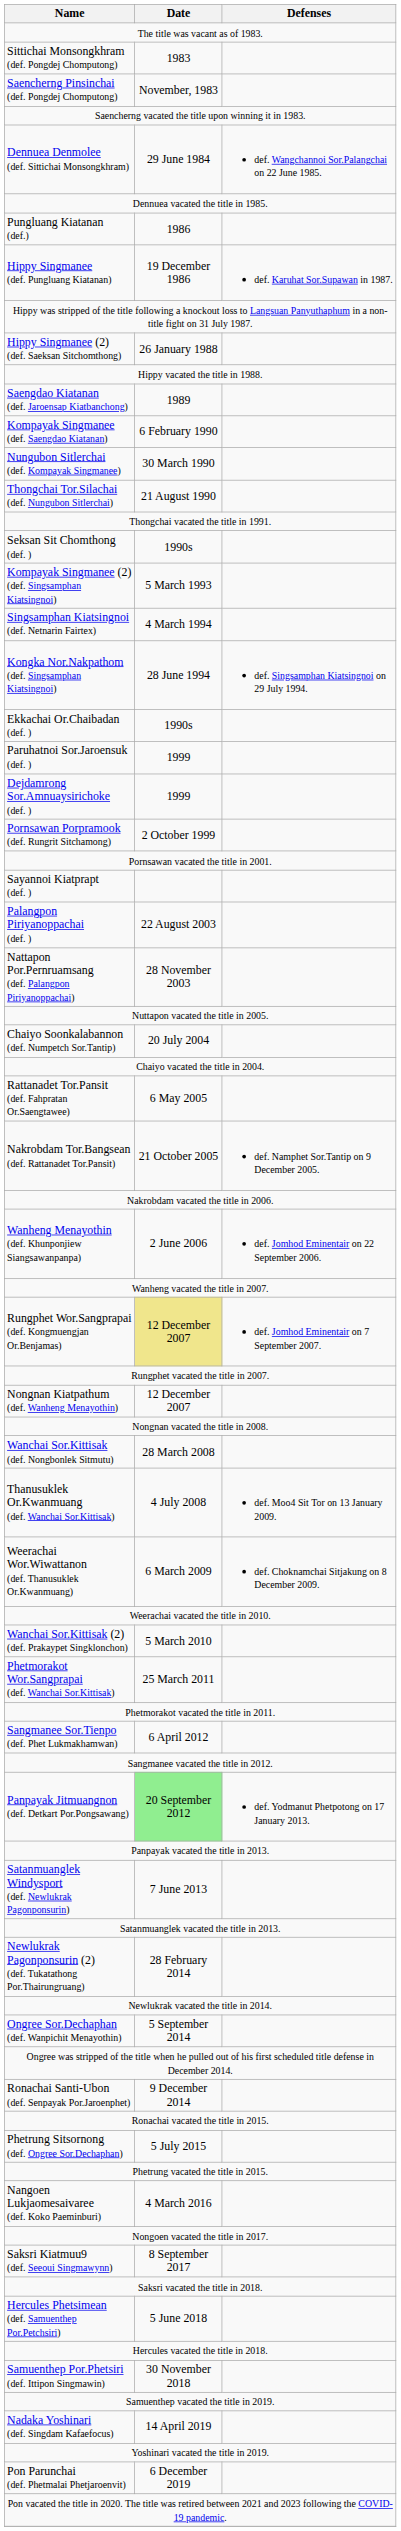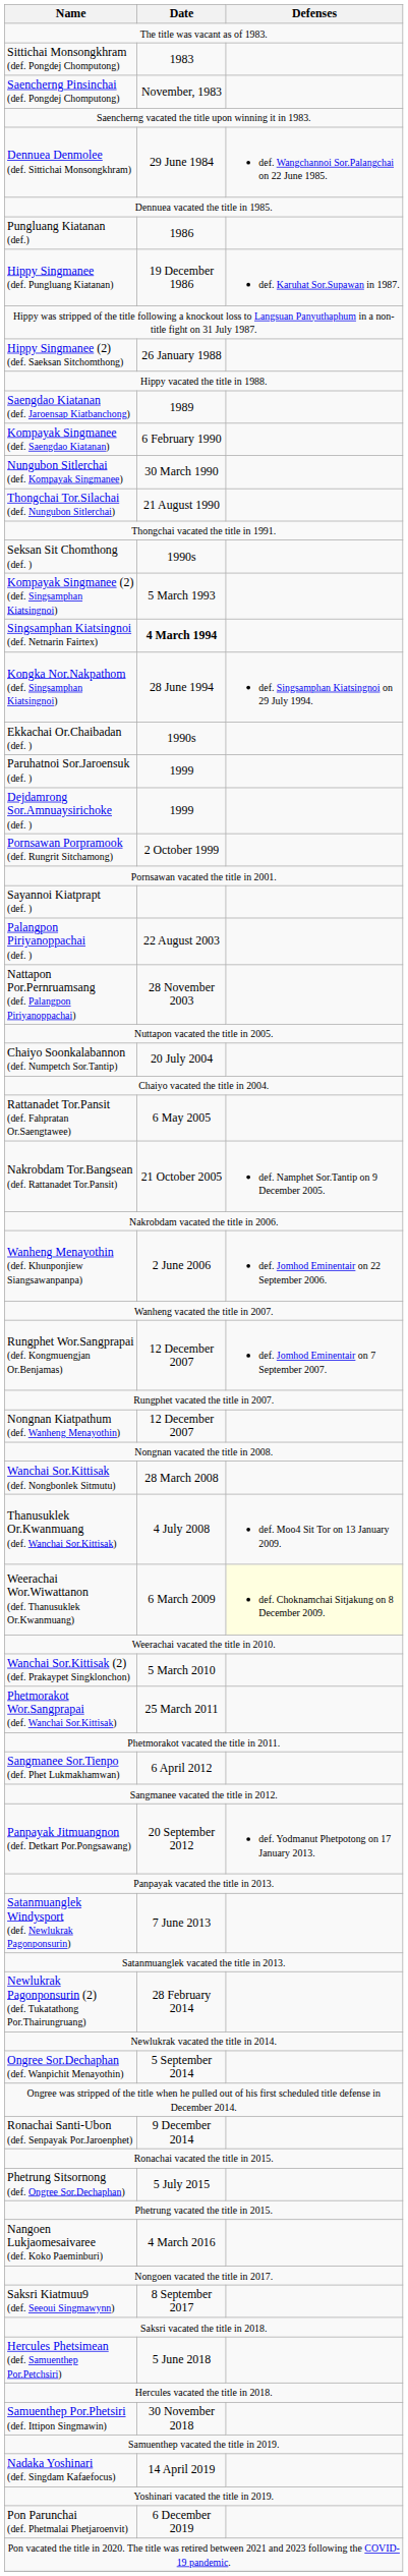 <table class="wikitable" width=60%>
 <tr>
 <th width=30%>Name</th>
 <th width=20%>Date</th>
 <th width=40%>Defenses</th>
 </tr>
 <tr>
 <td colspan=4 align=center><small>The title was vacant as of 1983.</small></td>
 </tr>
 <tr>
 <td align=left> Sittichai Monsongkhram <br><small>(def. Pongdej Chomputong)</small></td>
 <td align=center>1983</td>
 <td></td>
 </tr>
 <tr>
 <td align=left> <a href='#'>Saencherng Pinsinchai</a> <br><small>(def. Pongdej Chomputong)</small></td>
 <td align=center>November, 1983</td>
 <td></td>
 </tr>
 <tr>
 <td colspan=4 align=center><small>Saencherng vacated the title upon winning it in 1983.</small></td>
 </tr>
 <tr>
 <td align=left> <a href='#'>Dennuea Denmolee</a>  <br><small>(def. Sittichai Monsongkhram)</small></td>
 <td align=center>29 June 1984</td>
 <td><br><ul><li><small>def. <a href='#'>Wangchannoi Sor.Palangchai</a> on 22 June 1985.</small></li></ul></td>
 </tr>
 <tr>
 <td colspan=4 align=center><small>Dennuea vacated the title in 1985.</small></td>
 </tr>
 <tr>
 <td align=left> Pungluang Kiatanan <br><small>(def.)</small></td>
 <td align=center>1986</td>
 <td></td>
 </tr>
 <tr>
 <td align=left> <a href='#'>Hippy Singmanee</a> <br><small>(def. Pungluang Kiatanan)</small></td>
 <td align=center>19 December 1986</td>
 <td><br><ul><li><small>def. <a href='#'>Karuhat Sor.Supawan</a> in 1987.</small></li></ul></td>
 </tr>
 <tr>
 <td colspan=4 align=center><small>Hippy was stripped of the title following a knockout loss to <a href='#'>Langsuan Panyuthaphum</a> in a non-title fight on 31 July 1987.</small></td>
 </tr>
 <tr>
 <td align=left> <a href='#'>Hippy Singmanee</a> (2)<br><small>(def. Saeksan Sitchomthong)</small></td>
 <td align=center>26 January 1988</td>
 <td></td>
 </tr>
 <tr>
 <td colspan=4 align=center><small>Hippy vacated the title in 1988.</small></td>
 </tr>
 <tr>
 <td align=left> <a href='#'>Saengdao Kiatanan</a> <br><small>(def. <a href='#'>Jaroensap Kiatbanchong</a>)</small></td>
 <td align=center>1989</td>
 <td></td>
 </tr>
 <tr>
 <td align=left> <a href='#'>Kompayak Singmanee</a> <br><small>(def. <a href='#'>Saengdao Kiatanan</a>)</small></td>
 <td align=center>6 February 1990</td>
 <td></td>
 </tr>
 <tr>
 <td align=left> <a href='#'>Nungubon Sitlerchai</a> <br><small>(def. <a href='#'>Kompayak Singmanee</a>)</small></td>
 <td align=center>30 March 1990</td>
 <td></td>
 </tr>
 <tr>
 <td align=left> <a href='#'>Thongchai Tor.Silachai</a> <br><small>(def. <a href='#'>Nungubon Sitlerchai</a>)</small></td>
 <td align=center>21 August 1990</td>
 <td></td>
 </tr>
 <tr>
 <td colspan=4 align=center><small>Thongchai vacated the title in 1991.</small></td>
 </tr>
 <tr>
 <td align=left> Seksan Sit Chomthong <br><small>(def. )</small></td>
 <td align=center>1990s</td>
 <td></td>
 </tr>
 <tr>
 <td align=left> <a href='#'>Kompayak Singmanee</a> (2) <br><small>(def. <a href='#'>Singsamphan Kiatsingnoi</a>)</small></td>
 <td align=center>5 March 1993</td>
 <td></td>
 </tr>
 <tr>
 <td align=left> <a href='#'>Singsamphan Kiatsingnoi</a> <br><small>(def. Netnarin Fairtex)</small></td>
-<td align=center>4 March 1994</td>
+<td align=center><strong>4 March 1994</strong></td>
 <td></td>
 </tr>
 <tr>
 <td align=left> <a href='#'>Kongka Nor.Nakpathom</a> <br><small>(def. <a href='#'>Singsamphan Kiatsingnoi</a>)</small></td>
 <td align=center>28 June 1994</td>
 <td><br><ul><li><small>def. <a href='#'>Singsamphan Kiatsingnoi</a> on 29 July 1994.</small></li></ul></td>
 </tr>
 <tr>
 <td align=left> Ekkachai Or.Chaibadan <br><small>(def. )</small></td>
 <td align=center>1990s</td>
 <td></td>
 </tr>
 <tr>
 <td align=left> Paruhatnoi Sor.Jaroensuk  <br><small>(def. )</small></td>
 <td align=center>1999</td>
 <td></td>
 </tr>
 <tr>
 <td align=left> <a href='#'>Dejdamrong Sor.Amnuaysirichoke</a> <br><small>(def. )</small></td>
 <td align=center>1999</td>
 <td></td>
 </tr>
 <tr>
 <td align=left> <a href='#'>Pornsawan Porpramook</a> <br><small>(def. Rungrit Sitchamong)</small></td>
 <td align=center>2 October 1999</td>
 <td></td>
 </tr>
 <tr>
 <td colspan=4 align=center><small>Pornsawan vacated the title in 2001.</small></td>
 </tr>
 <tr>
 <td align=left> Sayannoi Kiatprapt <br><small>(def. )</small></td>
 <td align=center></td>
 <td></td>
 </tr>
 <tr>
 <td align=left> <a href='#'>Palangpon Piriyanoppachai</a> <br><small>(def. )</small></td>
 <td align=center>22 August 2003</td>
 <td></td>
 </tr>
 <tr>
 <td align=left> Nattapon Por.Pernruamsang <br><small>(def. <a href='#'>Palangpon Piriyanoppachai</a>)</small></td>
 <td align=center>28 November 2003</td>
 <td></td>
 </tr>
 <tr>
 <td colspan=4 align=center><small>Nuttapon vacated the title in 2005.</small></td>
 </tr>
 <tr>
 <td align=left> Chaiyo Soonkalabannon <br><small>(def. Numpetch Sor.Tantip)</small></td>
 <td align=center>20 July 2004</td>
 <td></td>
 </tr>
 <tr>
 <td colspan=4 align=center><small>Chaiyo vacated the title in 2004.</small></td>
 </tr>
 <tr>
 <td align=left> Rattanadet Tor.Pansit <br><small>(def. Fahpratan Or.Saengtawee)</small></td>
 <td align=center>6 May 2005</td>
 <td></td>
 </tr>
 <tr>
 <td align=left> Nakrobdam Tor.Bangsean <br><small>(def. Rattanadet Tor.Pansit)</small></td>
 <td align=center>21 October 2005</td>
 <td><br><ul><li><small>def. Namphet Sor.Tantip on 9 December 2005.</small></li></ul></td>
 </tr>
 <tr>
 <td colspan=4 align=center><small>Nakrobdam vacated the title in 2006.</small></td>
 </tr>
 <tr>
 <td align=left> <a href='#'>Wanheng Menayothin</a> <br><small>(def. Khunponjiew Siangsawanpanpa)</small></td>
 <td align=center>2 June 2006</td>
 <td><br><ul><li><small>def. <a href='#'>Jomhod Eminentair</a> on 22 September 2006.</small></li></ul></td>
 </tr>
 <tr>
 <td colspan=4 align=center><small>Wanheng vacated the title in 2007.</small></td>
 </tr>
 <tr>
 <td align=left> Rungphet Wor.Sangprapai <br><small>(def. Kongmuengjan Or.Benjamas)</small></td>
-<td align=center style="background: khaki;">12 December 2007</td>
+<td align=center>12 December 2007</td>
 <td><br><ul><li><small>def. <a href='#'>Jomhod Eminentair</a> on 7 September 2007.</small></li></ul></td>
 </tr>
 <tr>
 <td colspan=4 align=center><small>Rungphet vacated the title in 2007.</small></td>
 </tr>
 <tr>
 <td align=left> Nongnan Kiatpathum <br><small>(def. <a href='#'>Wanheng Menayothin</a>)</small></td>
 <td align=center>12 December 2007</td>
 <td></td>
 </tr>
 <tr>
 <td colspan=4 align=center><small>Nongnan vacated the title in 2008.</small></td>
 </tr>
 <tr>
 <td align=left> <a href='#'>Wanchai Sor.Kittisak</a> <br><small>(def. Nongbonlek Sitmutu)</small></td>
 <td align=center>28 March 2008</td>
 <td></td>
 </tr>
 <tr>
 <td align=left> Thanusuklek Or.Kwanmuang <br><small>(def. <a href='#'>Wanchai Sor.Kittisak</a>)</small></td>
 <td align=center>4 July 2008</td>
 <td><br><ul><li><small>def. Moo4 Sit Tor on 13 January 2009.</small></li></ul></td>
 </tr>
 <tr>
 <td align=left> Weerachai Wor.Wiwattanon <br><small>(def. Thanusuklek Or.Kwanmuang)</small></td>
 <td align=center>6 March 2009</td>
-<td><br><ul><li><small>def. Choknamchai Sitjakung on 8 December 2009.</small></li></ul></td>
+<td style="background: lightyellow;"><br><ul><li><small>def. Choknamchai Sitjakung on 8 December 2009.</small></li></ul></td>
 </tr>
 <tr>
 <td colspan=4 align=center><small>Weerachai vacated the title in 2010.</small></td>
 </tr>
 <tr>
 <td align=left> <a href='#'>Wanchai Sor.Kittisak</a> (2) <br><small>(def. Prakaypet Singklonchon)</small></td>
 <td align=center>5 March 2010</td>
 <td></td>
 </tr>
 <tr>
 <td align=left> <a href='#'>Phetmorakot Wor.Sangprapai</a> <br><small>(def. <a href='#'>Wanchai Sor.Kittisak</a>)</small></td>
 <td align=center>25 March 2011</td>
 <td></td>
 </tr>
 <tr>
 <td colspan=4 align=center><small>Phetmorakot vacated the title in 2011.</small></td>
 </tr>
 <tr>
 <td align=left> <a href='#'>Sangmanee Sor.Tienpo</a> <br><small>(def. Phet Lukmakhamwan)</small></td>
 <td align=center>6 April 2012</td>
 <td></td>
 </tr>
 <tr>
 <td colspan=4 align=center><small>Sangmanee vacated the title in 2012.</small></td>
 </tr>
 <tr>
 <td align=left> <a href='#'>Panpayak Jitmuangnon</a> <br><small>(def. Detkart Por.Pongsawang)</small></td>
-<td align=center style="background: lightgreen;">20 September 2012</td>
+<td align=center>20 September 2012</td>
 <td><br><ul><li><small>def. Yodmanut Phetpotong on 17 January 2013.</small></li></ul></td>
 </tr>
 <tr>
 <td colspan=4 align=center><small>Panpayak vacated the title in 2013.</small></td>
 </tr>
 <tr>
 <td align=left> <a href='#'>Satanmuanglek Windysport</a> <br><small>(def. <a href='#'>Newlukrak Pagonponsurin</a>)</small></td>
 <td align=center>7 June 2013</td>
 <td></td>
 </tr>
 <tr>
 <td colspan=4 align=center><small>Satanmuanglek vacated the title in 2013.</small></td>
 </tr>
 <tr>
 <td align=left> <a href='#'>Newlukrak Pagonponsurin</a> (2)<br><small>(def. Tukatathong Por.Thairungruang)</small></td>
 <td align=center>28 February 2014</td>
 <td></td>
 </tr>
 <tr>
 <td colspan=4 align=center><small>Newlukrak vacated the title in 2014.</small></td>
 </tr>
 <tr>
 <td align=left> <a href='#'>Ongree Sor.Dechaphan</a><br><small>(def. Wanpichit Menayothin)</small></td>
 <td align=center>5 September 2014</td>
 <td></td>
 </tr>
 <tr>
 <td colspan=4 align=center><small>Ongree was stripped of the title when he pulled out of his first scheduled title defense in December 2014.</small></td>
 </tr>
 <tr>
 <td align=left> Ronachai Santi-Ubon<br><small>(def. Senpayak Por.Jaroenphet)</small></td>
 <td align=center>9 December 2014</td>
 <td></td>
 </tr>
 <tr>
 <td colspan=4 align=center><small>Ronachai vacated the title in 2015.</small></td>
 </tr>
 <tr>
 <td align=left> Phetrung Sitsornong<br><small>(def. <a href='#'>Ongree Sor.Dechaphan</a>)</small></td>
 <td align=center>5 July 2015</td>
 <td></td>
 </tr>
 <tr>
 <td colspan=4 align=center><small>Phetrung vacated the title in 2015.</small></td>
 </tr>
 <tr>
 <td align=left> Nangoen Lukjaomesaivaree<br><small>(def. Koko Paeminburi)</small></td>
 <td align=center>4 March 2016</td>
 <td></td>
 </tr>
 <tr>
 <td colspan=4 align=center><small>Nongoen vacated the title in 2017.</small></td>
 </tr>
 <tr>
 <td align=left> Saksri Kiatmuu9<br><small>(def. <a href='#'>Seeoui Singmawynn</a>)</small></td>
 <td align=center>8 September 2017</td>
 <td></td>
 </tr>
 <tr>
 <td colspan=4 align=center><small>Saksri vacated the title in 2018.</small></td>
 </tr>
 <tr>
 <td align=left> <a href='#'>Hercules Phetsimean</a> <br><small>(def. <a href='#'>Samuenthep Por.Petchsiri</a>)</small></td>
 <td align=center>5 June 2018</td>
 <td></td>
 </tr>
 <tr>
 <td colspan=4 align=center><small>Hercules vacated the title in 2018.</small></td>
 </tr>
 <tr>
 <td align=left> <a href='#'>Samuenthep Por.Phetsiri</a> <br><small>(def. Ittipon Singmawin)</small></td>
 <td align=center>30 November 2018</td>
 <td></td>
 </tr>
 <tr>
 <td colspan=4 align=center><small>Samuenthep vacated the title in 2019.</small></td>
 </tr>
 <tr>
 <td align=left> <a href='#'>Nadaka Yoshinari</a> <br><small>(def. Singdam Kafaefocus)</small></td>
 <td align=center>14 April 2019</td>
 <td></td>
 </tr>
 <tr>
 <td colspan=4 align=center><small>Yoshinari vacated the title in 2019.</small></td>
 </tr>
 <tr>
 <td align=left> Pon Parunchai <br><small>(def. Phetmalai Phetjaroenvit)</small></td>
 <td align=center>6 December 2019</td>
 <td></td>
 </tr>
 <tr>
 <td colspan=4 align=center><small>Pon vacated the title in 2020. The title was retired between 2021 and 2023 following the <a href='#'>COVID-19 pandemic</a>.</small></td>
 </tr>
 <tr>
 </tr>
 </table>
